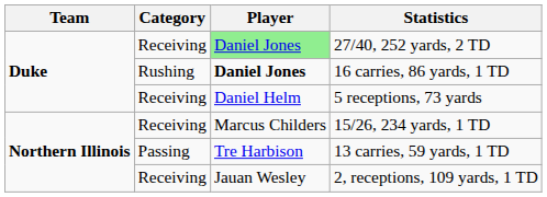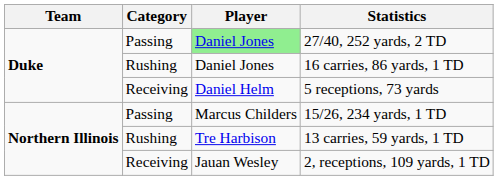 <table class="wikitable">
 <tr>
 <th>Team</th>
 <th>Category</th>
 <th>Player</th>
 <th>Statistics</th>
 </tr>
 <tr>
 <td rowspan=3><strong>Duke</strong></td>
-<td>Receiving</td>
+<td>Passing</td>
 <td style="background: lightgreen;"><a href='#'>Daniel Jones</a></td>
 <td>27/40, 252 yards, 2 TD</td>
 </tr>
 <tr>
 <td>Rushing</td>
-<td><strong>Daniel Jones</strong></td>
+<td>Daniel Jones</td>
 <td>16 carries, 86 yards, 1 TD</td>
 </tr>
 <tr>
 <td>Receiving</td>
 <td><a href='#'>Daniel Helm</a></td>
 <td>5 receptions, 73 yards</td>
 </tr>
 <tr>
 <td rowspan=3><strong>Northern Illinois</strong></td>
-<td>Receiving</td>
+<td>Passing</td>
 <td>Marcus Childers</td>
 <td>15/26, 234 yards, 1 TD</td>
 </tr>
 <tr>
-<td>Passing</td>
+<td>Rushing</td>
 <td><a href='#'>Tre Harbison</a></td>
 <td>13 carries, 59 yards, 1 TD</td>
 </tr>
 <tr>
 <td>Receiving</td>
 <td>Jauan Wesley</td>
 <td>2, receptions, 109 yards, 1 TD</td>
 </tr>
 </table>
